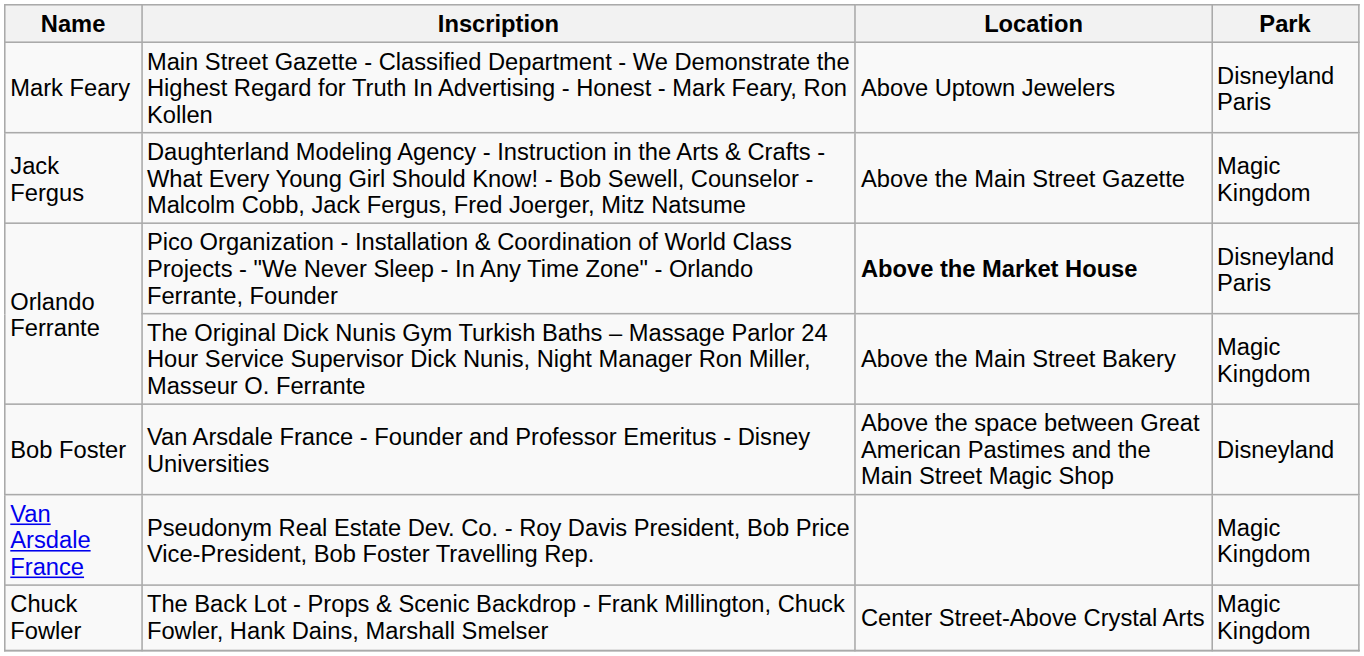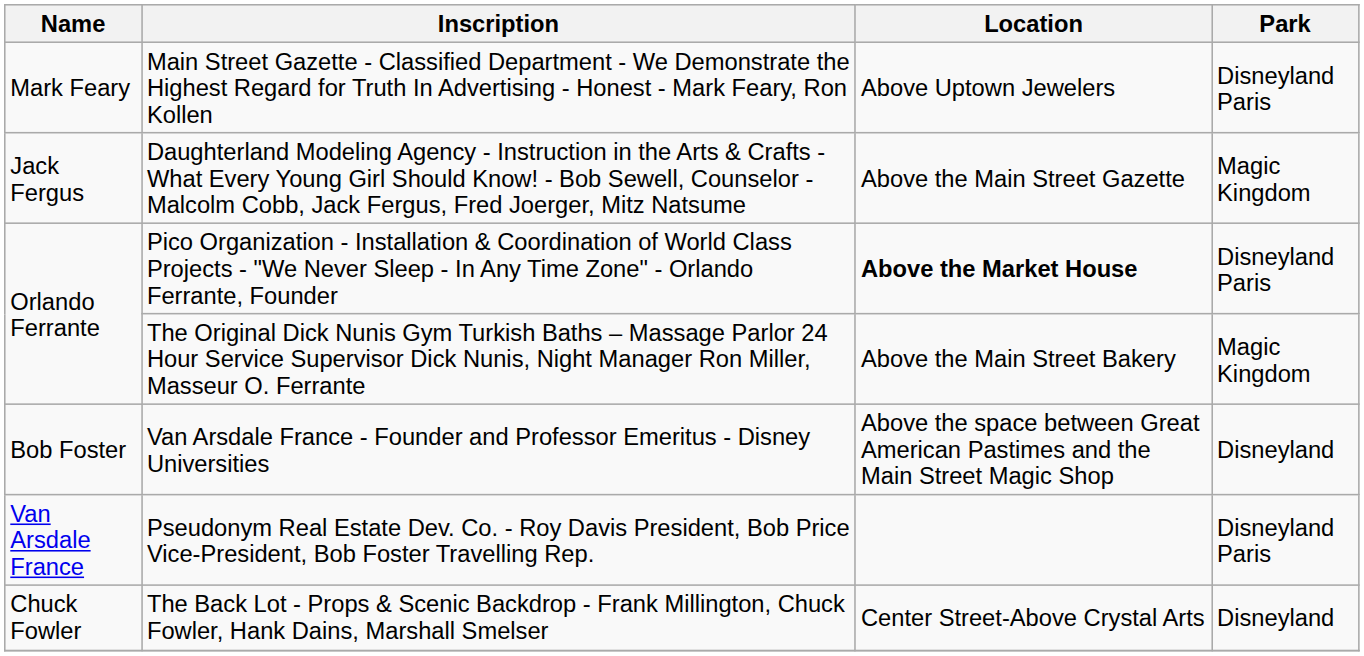 <table class="wikitable" style="font-size: 95%">
 <tr>
 <th>Name</th>
 <th>Inscription</th>
 <th>Location</th>
 <th>Park</th>
 </tr>
 <tr>
 <td>Mark Feary</td>
 <td>Main Street Gazette - Classified Department - We Demonstrate the Highest Regard for Truth In Advertising - Honest - Mark Feary, Ron Kollen</td>
 <td>Above Uptown Jewelers</td>
 <td>Disneyland Paris</td>
 </tr>
 <tr>
 <td>Jack Fergus</td>
 <td>Daughterland Modeling Agency - Instruction in the Arts & Crafts - What Every Young Girl Should Know! - Bob Sewell, Counselor - Malcolm Cobb, Jack Fergus, Fred Joerger, Mitz Natsume</td>
 <td>Above the Main Street Gazette</td>
 <td>Magic Kingdom</td>
 </tr>
 <tr>
 <td rowspan="2">Orlando Ferrante</td>
 <td>Pico Organization - Installation & Coordination of World Class Projects - "We Never Sleep - In Any Time Zone" - Orlando Ferrante, Founder</td>
 <td><strong>Above the Market House</strong></td>
 <td>Disneyland Paris</td>
 </tr>
 <tr>
 <td>The Original Dick Nunis Gym Turkish Baths – Massage Parlor 24 Hour Service Supervisor Dick Nunis, Night Manager Ron Miller, Masseur O. Ferrante</td>
 <td>Above the Main Street Bakery</td>
 <td>Magic Kingdom</td>
 </tr>
 <tr>
 <td>Bob Foster</td>
 <td>Van Arsdale France - Founder and Professor Emeritus - Disney Universities</td>
 <td>Above the space between Great American Pastimes and the Main Street Magic Shop</td>
 <td>Disneyland</td>
 </tr>
 <tr>
 <td><a href='#'>Van Arsdale France</a></td>
 <td>Pseudonym Real Estate Dev. Co. - Roy Davis President, Bob Price Vice-President, Bob Foster Travelling Rep.</td>
 <td></td>
-<td>Magic Kingdom</td>
+<td>Disneyland Paris</td>
 </tr>
 <tr>
 <td>Chuck Fowler</td>
 <td>The Back Lot - Props & Scenic Backdrop - Frank Millington, Chuck Fowler, Hank Dains, Marshall Smelser</td>
 <td>Center Street-Above Crystal Arts</td>
-<td>Magic Kingdom</td>
+<td>Disneyland</td>
 </tr>
 <tr>
 </tr>
 </table>
